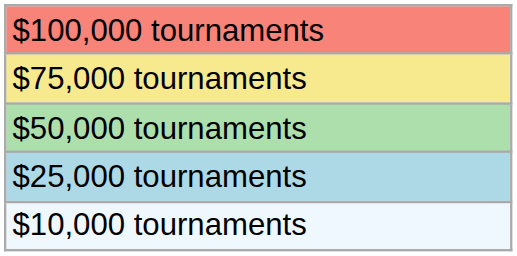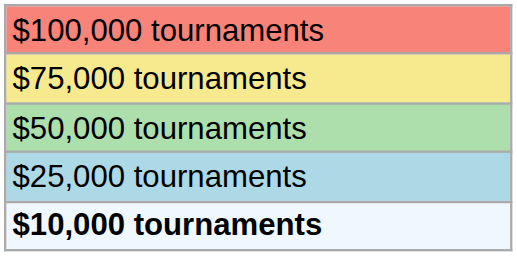 <table class="wikitable" style="font-size:85%;" width=14%>
 <tr bgcolor="#F88379">
 <td>$100,000 tournaments</td>
 </tr>
 <tr bgcolor="#F7E98E">
 <td>$75,000 tournaments</td>
 </tr>
 <tr bgcolor="#ADDFAD">
 <td>$50,000 tournaments</td>
 </tr>
 <tr bgcolor=lightblue>
 <td>$25,000 tournaments</td>
 </tr>
 <tr bgcolor="#f0f8ff">
-<td>$10,000 tournaments</td>
+<td><strong>$10,000 tournaments</strong></td>
 </tr>
 </table>
